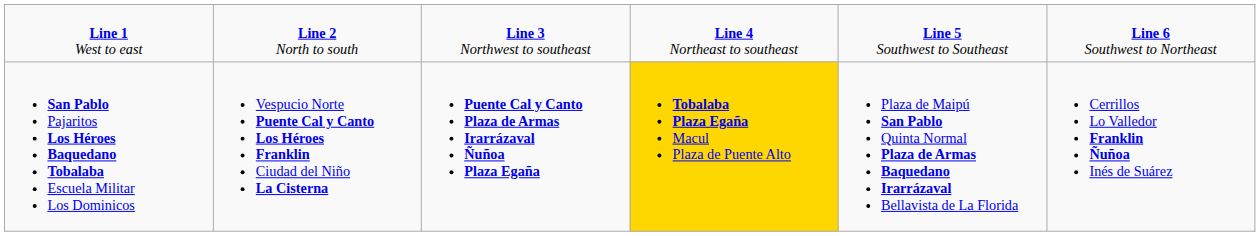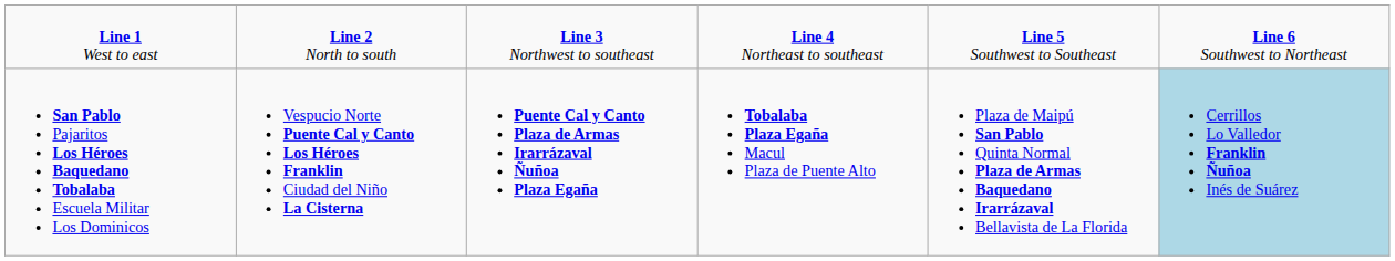 <table class="wikitable" width="100%" style="font-size:90%;">
 <tr style="text-align:center;">
 <td valign="top" width="12%"><br><strong><a href='#'><span>Line 1</span></a></strong><br><em>West to east</em></td>
 <td valign="top" width="12%"><br><strong><a href='#'><span>Line 2</span></a></strong><br><em>North to south</em></td>
 <td valign="top" width="12%"><br><strong><a href='#'><span>Line 3</span></a></strong><br><em>Northwest to southeast</em></td>
 <td valign="top" width="12%"><br><strong><a href='#'><span>Line 4</span></a></strong><br><em>Northeast to southeast</em></td>
 <td valign="top" width="12%"><br><strong><a href='#'><span>Line 5</span></a></strong><br><em>Southwest to Southeast</em></td>
 <td valign="top" width="12%"><br><strong><a href='#'><span>Line 6</span></a></strong><br><em>Southwest to Northeast</em></td>
 </tr>
 <tr style="font-size:100%;">
 <td valign="top"><br><ul><li><strong><a href='#'>San Pablo</a></strong> </li><li><a href='#'>Pajaritos</a></li><li><strong><a href='#'>Los Héroes</a></strong> </li><li><strong><a href='#'>Baquedano</a></strong> </li><li><strong><a href='#'>Tobalaba</a></strong> </li><li><a href='#'>Escuela Militar</a></li><li><a href='#'>Los Dominicos</a></li></ul></td>
 <td valign="top"><br><ul><li><a href='#'>Vespucio Norte</a></li><li><strong><a href='#'>Puente Cal y Canto</a></strong> </li><li><strong><a href='#'>Los Héroes</a></strong> </li><li><strong><a href='#'>Franklin</a></strong> </li><li><a href='#'>Ciudad del Niño</a></li><li><strong><a href='#'>La Cisterna</a></strong> </li></ul></td>
 <td valign="top"><br><ul><li><strong><a href='#'>Puente Cal y Canto</a></strong> </li><li><strong><a href='#'>Plaza de Armas</a></strong> </li><li><strong><a href='#'>Irarrázaval</a></strong> </li><li><strong><a href='#'>Ñuñoa</a></strong> </li><li><strong><a href='#'>Plaza Egaña</a></strong> </li></ul></td>
-<td valign="top" style="background: gold;"><br><ul><li><strong><a href='#'>Tobalaba</a></strong> </li><li><strong><a href='#'>Plaza Egaña</a></strong> </li><li><a href='#'>Macul</a></li><li><a href='#'>Plaza de Puente Alto</a></li></ul></td>
+<td valign="top"><br><ul><li><strong><a href='#'>Tobalaba</a></strong> </li><li><strong><a href='#'>Plaza Egaña</a></strong> </li><li><a href='#'>Macul</a></li><li><a href='#'>Plaza de Puente Alto</a></li></ul></td>
 <td valign="top"><br><ul><li><a href='#'>Plaza de Maipú</a></li><li><strong><a href='#'>San Pablo</a></strong> </li><li><a href='#'>Quinta Normal</a></li><li><strong><a href='#'>Plaza de Armas</a></strong> </li><li><strong><a href='#'>Baquedano</a></strong> </li><li><strong><a href='#'>Irarrázaval</a></strong> </li><li><a href='#'>Bellavista de La Florida</a></li></ul></td>
-<td valign="top"><br><ul><li><a href='#'>Cerrillos</a></li><li><a href='#'>Lo Valledor</a></li><li><strong><a href='#'>Franklin</a></strong> </li><li><strong><a href='#'>Ñuñoa</a></strong> </li><li><a href='#'>Inés de Suárez</a></li></ul></td>
+<td valign="top" style="background: lightblue;"><br><ul><li><a href='#'>Cerrillos</a></li><li><a href='#'>Lo Valledor</a></li><li><strong><a href='#'>Franklin</a></strong> </li><li><strong><a href='#'>Ñuñoa</a></strong> </li><li><a href='#'>Inés de Suárez</a></li></ul></td>
 </tr>
 </table>
